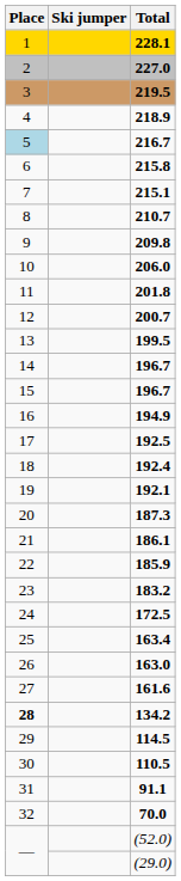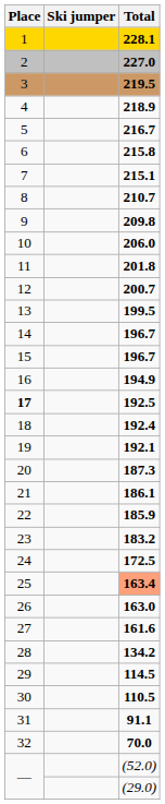 <table class=wikitable style="text-align:center">
 <tr>
 <th>Place</th>
 <th>Ski jumper</th>
 <th>Total</th>
 </tr>
 <tr align=center bgcolor=gold>
 <td>1</td>
 <td align=left></td>
 <td><strong>228.1</strong></td>
 </tr>
 <tr align=center bgcolor=silver>
 <td>2</td>
 <td align=left></td>
 <td><strong>227.0</strong></td>
 </tr>
 <tr align=center bgcolor=cc9966>
 <td>3</td>
 <td align=left></td>
 <td><strong>219.5</strong></td>
 </tr>
 <tr>
 <td>4</td>
 <td align=left></td>
 <td><strong>218.9</strong></td>
 </tr>
 <tr>
-<td style="background: lightblue;">5</td>
+<td>5</td>
 <td align=left></td>
 <td><strong>216.7</strong></td>
 </tr>
 <tr>
 <td>6</td>
 <td align=left></td>
 <td><strong>215.8</strong></td>
 </tr>
 <tr>
 <td>7</td>
 <td align=left></td>
 <td><strong>215.1</strong></td>
 </tr>
 <tr>
 <td>8</td>
 <td align=left></td>
 <td><strong>210.7</strong></td>
 </tr>
 <tr>
 <td>9</td>
 <td align=left></td>
 <td><strong>209.8</strong></td>
 </tr>
 <tr>
 <td>10</td>
 <td align=left></td>
 <td><strong>206.0</strong></td>
 </tr>
 <tr>
 <td>11</td>
 <td align=left></td>
 <td><strong>201.8</strong></td>
 </tr>
 <tr>
 <td>12</td>
 <td align=left></td>
 <td><strong>200.7</strong></td>
 </tr>
 <tr>
 <td>13</td>
 <td align=left></td>
 <td><strong>199.5</strong></td>
 </tr>
 <tr>
 <td>14</td>
 <td align=left></td>
 <td><strong>196.7</strong></td>
 </tr>
 <tr>
 <td>15</td>
 <td align=left></td>
 <td><strong>196.7</strong></td>
 </tr>
 <tr>
 <td>16</td>
 <td align=left></td>
 <td><strong>194.9</strong></td>
 </tr>
 <tr>
-<td>17</td>
+<td><strong>17</strong></td>
 <td align=left></td>
 <td><strong>192.5</strong></td>
 </tr>
 <tr>
 <td>18</td>
 <td align=left></td>
 <td><strong>192.4</strong></td>
 </tr>
 <tr>
 <td>19</td>
 <td align=left></td>
 <td><strong>192.1</strong></td>
 </tr>
 <tr>
 <td>20</td>
 <td align=left></td>
 <td><strong>187.3</strong></td>
 </tr>
 <tr>
 <td>21</td>
 <td align=left></td>
 <td><strong>186.1</strong></td>
 </tr>
 <tr>
 <td>22</td>
 <td align=left></td>
 <td><strong>185.9</strong></td>
 </tr>
 <tr>
 <td>23</td>
 <td align=left></td>
 <td><strong>183.2</strong></td>
 </tr>
 <tr>
 <td>24</td>
 <td align=left></td>
 <td><strong>172.5</strong></td>
 </tr>
 <tr>
 <td>25</td>
 <td align=left></td>
-<td><strong>163.4</strong></td>
+<td style="background: lightsalmon;"><strong>163.4</strong></td>
 </tr>
 <tr>
 <td>26</td>
 <td align=left></td>
 <td><strong>163.0</strong></td>
 </tr>
 <tr>
 <td>27</td>
 <td align=left></td>
 <td><strong>161.6</strong></td>
 </tr>
 <tr>
-<td><strong>28</strong></td>
+<td>28</td>
 <td align=left></td>
 <td><strong>134.2</strong></td>
 </tr>
 <tr>
 <td>29</td>
 <td align=left></td>
 <td><strong>114.5</strong></td>
 </tr>
 <tr>
 <td>30</td>
 <td align=left></td>
 <td><strong>110.5</strong></td>
 </tr>
 <tr>
 <td>31</td>
 <td align=left></td>
 <td><strong>91.1</strong></td>
 </tr>
 <tr>
 <td>32</td>
 <td align=left></td>
 <td><strong>70.0</strong></td>
 </tr>
 <tr>
 <td rowspan=2>—</td>
 <td align=left></td>
 <td><em>(52.0)</em></td>
 </tr>
 <tr>
 <td align=left></td>
 <td><em>(29.0)</em></td>
 </tr>
 </table>
